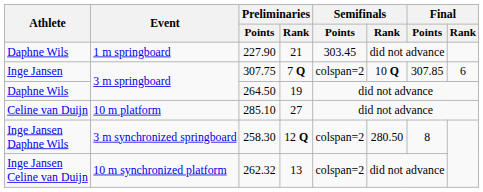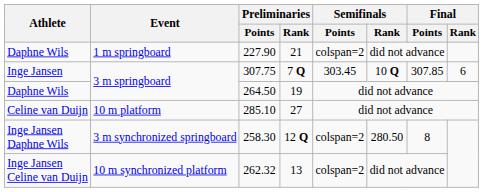 <table class=wikitable style="font-size:90%;">
 <tr>
 <th rowspan="2">Athlete</th>
 <th rowspan="2">Event</th>
 <th colspan="2">Preliminaries</th>
 <th colspan="2">Semifinals</th>
 <th colspan="2">Final</th>
 </tr>
 <tr style="font-size:95%">
 <th>Points</th>
 <th>Rank</th>
 <th>Points</th>
 <th>Rank</th>
 <th>Points</th>
 <th>Rank</th>
 </tr>
 <tr align=center>
 <td align=left><a href='#'>Daphne Wils</a></td>
 <td align=left><a href='#'>1 m springboard</a></td>
 <td>227.90</td>
 <td>21</td>
-<td>303.45</td>
+<td>colspan=2 </td>
 <td colspan=2>did not advance</td>
 </tr>
 <tr align=center>
 <td align=left><a href='#'>Inge Jansen</a></td>
 <td align=left rowspan=2><a href='#'>3 m springboard</a></td>
 <td>307.75</td>
 <td>7 <strong>Q</strong></td>
-<td>colspan=2 </td>
+<td>303.45</td>
 <td>10 <strong>Q</strong></td>
 <td>307.85</td>
 <td>6</td>
 </tr>
 <tr align=center>
 <td align=left><a href='#'>Daphne Wils</a></td>
 <td>264.50</td>
 <td>19</td>
 <td colspan=4>did not advance</td>
 </tr>
 <tr align=center>
 <td align=left><a href='#'>Celine van Duijn</a></td>
 <td align=left><a href='#'>10 m platform</a></td>
 <td>285.10</td>
 <td>27</td>
 <td colspan=4>did not advance</td>
 </tr>
 <tr align=center>
 <td align=left><a href='#'>Inge Jansen</a><br><a href='#'>Daphne Wils</a></td>
 <td align=left><a href='#'>3 m synchronized springboard</a></td>
 <td>258.30</td>
 <td>12 <strong>Q</strong></td>
 <td>colspan=2 </td>
 <td>280.50</td>
 <td>8</td>
 </tr>
 <tr align=center>
 <td align=left><a href='#'>Inge Jansen</a><br><a href='#'>Celine van Duijn</a></td>
 <td align=left><a href='#'>10 m synchronized platform</a></td>
 <td>262.32</td>
 <td>13</td>
 <td>colspan=2 </td>
 <td colspan=2>did not advance</td>
 </tr>
 </table>
